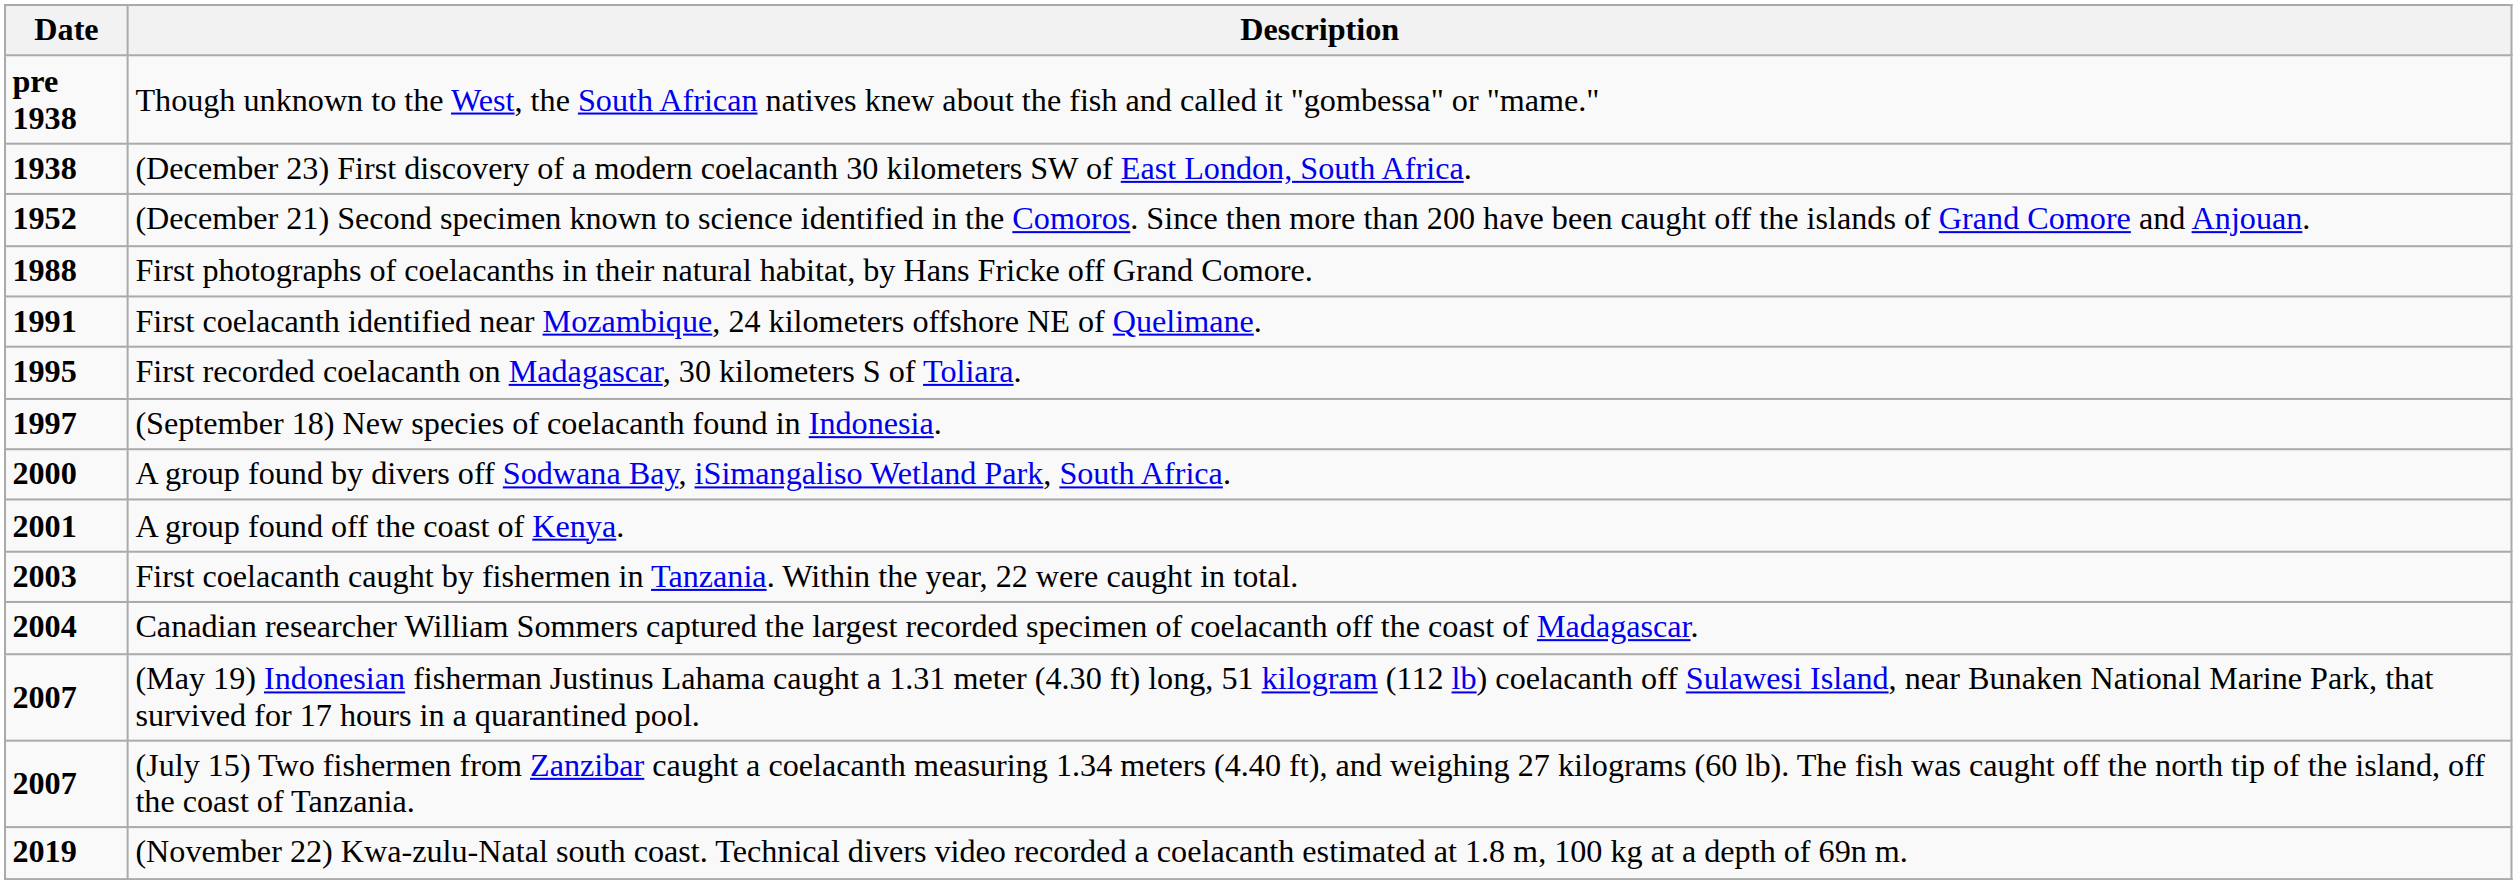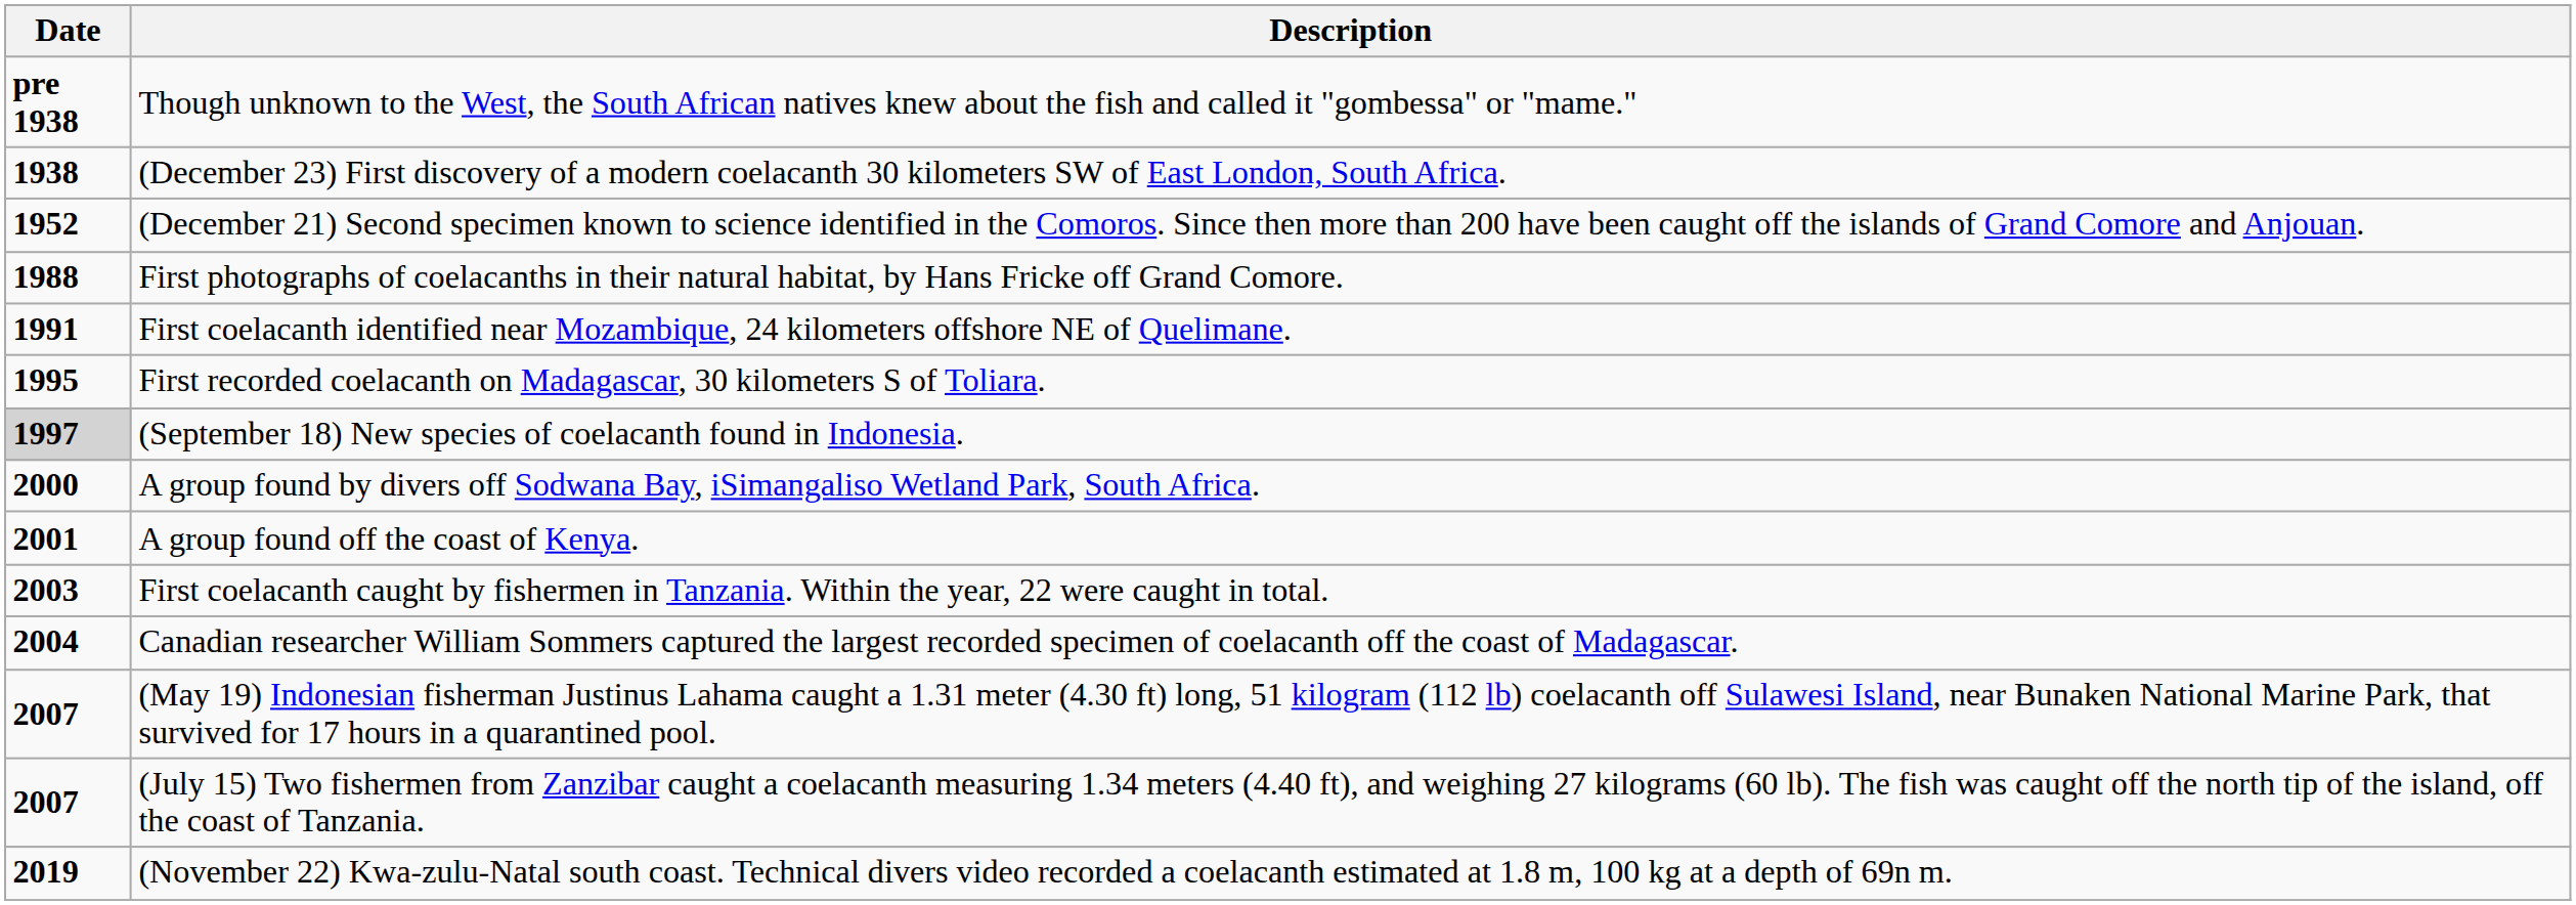 <table class="wikitable">
 <tr>
 <th>Date</th>
 <th>Description</th>
 </tr>
 <tr>
 <td><strong>pre 1938</strong></td>
 <td>Though unknown to the <a href='#'>West</a>, the <a href='#'>South African</a> natives knew about the fish and called it "gombessa" or "mame."</td>
 </tr>
 <tr>
 <td><strong>1938</strong></td>
 <td>(December 23) First discovery of a modern coelacanth 30 kilometers SW of <a href='#'>East London, South Africa</a>.</td>
 </tr>
 <tr>
 <td><strong>1952</strong></td>
 <td>(December 21) Second specimen known to science identified in the <a href='#'>Comoros</a>. Since then more than 200 have been caught off the islands of <a href='#'>Grand Comore</a> and <a href='#'>Anjouan</a>.</td>
 </tr>
 <tr>
 <td><strong>1988</strong></td>
 <td>First photographs of coelacanths in their natural habitat, by Hans Fricke off Grand Comore.</td>
 </tr>
 <tr>
 <td><strong>1991</strong></td>
 <td>First coelacanth identified near <a href='#'>Mozambique</a>, 24 kilometers offshore NE of <a href='#'>Quelimane</a>.</td>
 </tr>
 <tr>
 <td><strong>1995</strong></td>
 <td>First recorded coelacanth on <a href='#'>Madagascar</a>, 30 kilometers S of <a href='#'>Toliara</a>.</td>
 </tr>
 <tr>
-<td><strong>1997</strong></td>
+<td style="background: lightgrey;"><strong>1997</strong></td>
 <td>(September 18) New species of coelacanth found in <a href='#'>Indonesia</a>.</td>
 </tr>
 <tr>
 <td><strong>2000</strong></td>
 <td>A group found by divers off <a href='#'>Sodwana Bay</a>, <a href='#'>iSimangaliso Wetland Park</a>, <a href='#'>South Africa</a>.</td>
 </tr>
 <tr>
 <td><strong>2001</strong></td>
 <td>A group found off the coast of <a href='#'>Kenya</a>.</td>
 </tr>
 <tr>
 <td><strong>2003</strong></td>
 <td>First coelacanth caught by fishermen in <a href='#'>Tanzania</a>. Within the year, 22 were caught in total.</td>
 </tr>
 <tr>
 <td><strong>2004</strong></td>
 <td>Canadian researcher William Sommers captured the largest recorded specimen of coelacanth off the coast of <a href='#'>Madagascar</a>.</td>
 </tr>
 <tr>
 <td><strong>2007</strong></td>
 <td>(May 19) <a href='#'>Indonesian</a> fisherman Justinus Lahama caught a 1.31 meter (4.30 ft) long, 51 <a href='#'>kilogram</a> (112 <a href='#'>lb</a>) coelacanth off <a href='#'>Sulawesi Island</a>, near Bunaken National Marine Park, that survived for 17 hours in a quarantined pool.</td>
 </tr>
 <tr>
 <td><strong>2007</strong></td>
 <td>(July 15) Two fishermen from <a href='#'>Zanzibar</a> caught a coelacanth measuring 1.34 meters (4.40 ft), and weighing 27 kilograms (60 lb). The fish was caught off the north tip of the island, off the coast of Tanzania.</td>
 </tr>
 <tr>
 <td><strong>2019</strong></td>
 <td>(November 22) Kwa-zulu-Natal south coast. Technical divers video recorded a coelacanth estimated at 1.8 m, 100 kg at a depth of 69n m.</td>
 </tr>
 <tr>
 </tr>
 </table>
